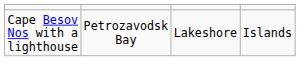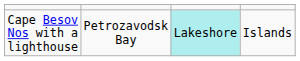 <table Class="wikitable" style="margin:1em auto; text-align: center">
 <tr>
 <td style="width:25px; %;"></td>
 <td style="width:25px; %;"></td>
 <td style="width:25px; %;"></td>
 <td style="width:25px; %;"></td>
 </tr>
 <tr>
 <td>Cape <a href='#'>Besov Nos</a> with a lighthouse</td>
 <td>Petrozavodsk Bay</td>
-<td>Lakeshore</td>
+<td style="background: paleturquoise;">Lakeshore</td>
 <td>Islands</td>
 </tr>
 </table>
